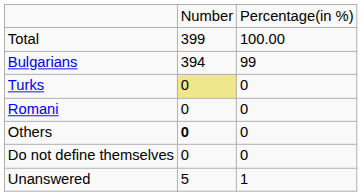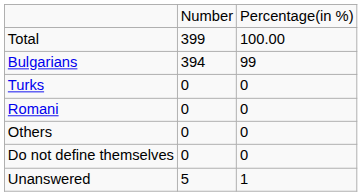 <table class="wikitable">
 <tr>
 <td></td>
 <td>Number</td>
 <td>Percentage(in %)</td>
 </tr>
 <tr>
 <td>Total</td>
 <td>399</td>
 <td>100.00</td>
 </tr>
 <tr>
 <td><a href='#'>Bulgarians</a></td>
 <td>394</td>
 <td>99</td>
 </tr>
 <tr>
 <td><a href='#'>Turks</a></td>
-<td style="background: khaki;">0</td>
+<td>0</td>
 <td>0</td>
 </tr>
 <tr>
 <td><a href='#'>Romani</a></td>
 <td>0</td>
 <td>0</td>
 </tr>
 <tr>
 <td>Others</td>
-<td><strong>0</strong></td>
+<td>0</td>
 <td>0</td>
 </tr>
 <tr>
 <td>Do not define themselves</td>
 <td>0</td>
 <td>0</td>
 </tr>
 <tr>
 <td>Unanswered</td>
 <td>5</td>
 <td>1</td>
 </tr>
 </table>
